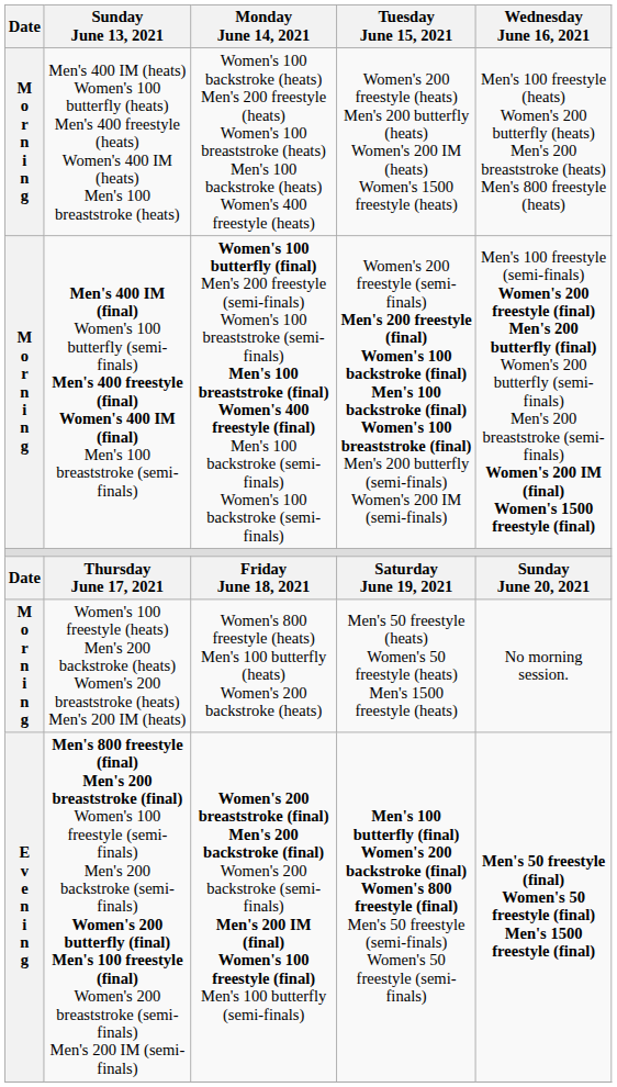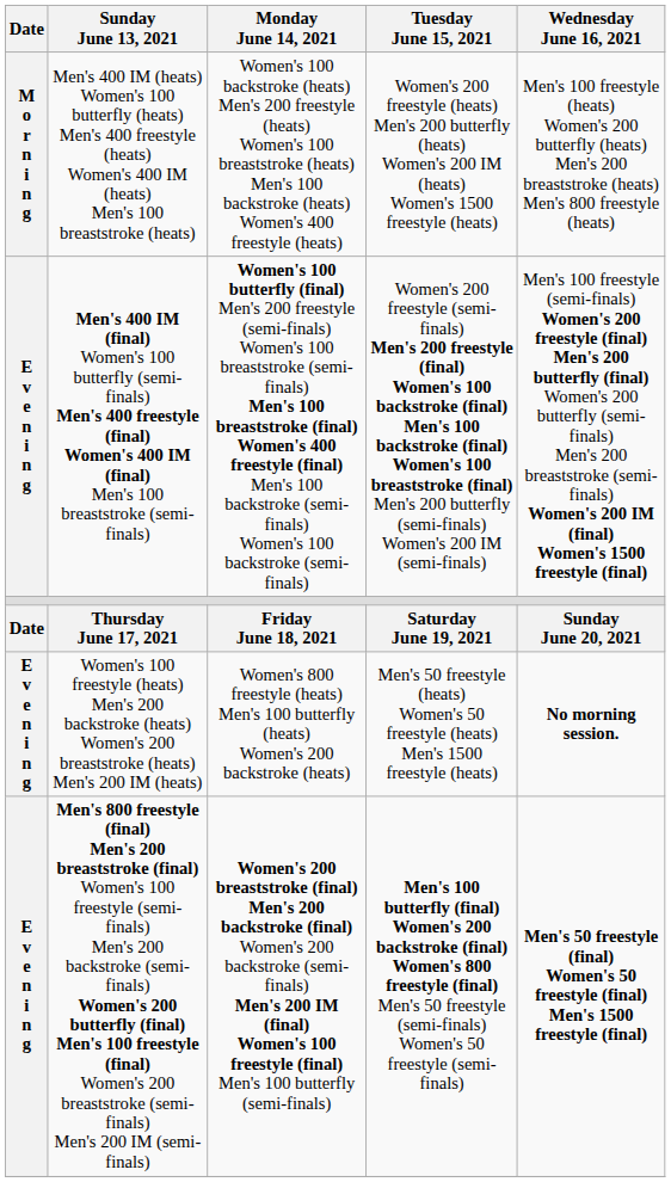 <table class=wikitable style="text-align:center">
 <tr bgcolor=#DDDDDD>
 <th>Date</th>
 <th>Sunday<br> June 13, 2021</th>
 <th>Monday <br> June 14, 2021</th>
 <th>Tuesday <br> June 15, 2021</th>
 <th>Wednesday <br> June 16, 2021</th>
 </tr>
 <tr>
 <th><strong>M<br> o<br> r<br> n<br> i<br> n<br> g</strong></th>
 <td>Men's 400 IM (heats)<br>Women's 100 butterfly (heats)<br>Men's 400 freestyle (heats)<br>Women's 400 IM (heats)<br>Men's 100 breaststroke (heats)</td>
 <td>Women's 100 backstroke (heats)<br>Men's 200 freestyle (heats)<br>Women's 100 breaststroke (heats)<br>Men's 100 backstroke (heats)<br>Women's 400 freestyle (heats)</td>
 <td>Women's 200 freestyle (heats)<br>Men's 200 butterfly (heats)<br>Women's 200 IM (heats)<br>Women's 1500 freestyle (heats)</td>
 <td>Men's 100 freestyle (heats)<br>Women's 200 butterfly (heats)<br>Men's 200 breaststroke (heats)<br>Men's 800 freestyle (heats)</td>
 </tr>
 <tr>
-<th><strong>M<br> o<br> r<br> n<br> i<br> n<br> g</strong></th>
+<th><strong>E<br> v<br> e<br> n<br> i<br> n<br> g</strong></th>
 <td><strong>Men's 400 IM (final)</strong><br>Women's 100 butterfly (semi-finals)<br><strong>Men's 400 freestyle (final)</strong><br><strong>Women's 400 IM (final)</strong><br>Men's 100 breaststroke (semi-finals)</td>
 <td><strong>Women's 100 butterfly (final)</strong><br>Men's 200 freestyle (semi-finals)<br>Women's 100 breaststroke (semi-finals)<br><strong>Men's 100 breaststroke (final)</strong><br><strong>Women's 400 freestyle (final)</strong><br>Men's 100 backstroke (semi-finals)<br>Women's 100 backstroke (semi-finals)</td>
 <td>Women's 200 freestyle (semi-finals)<br><strong>Men's 200 freestyle (final)</strong><br><strong>Women's 100 backstroke (final)</strong><br><strong>Men's 100 backstroke (final)</strong><br><strong>Women's 100 breaststroke (final)</strong><br>Men's 200 butterfly (semi-finals)<br>Women's 200 IM (semi-finals)</td>
 <td>Men's 100 freestyle (semi-finals)<br><strong>Women's 200 freestyle (final)</strong><br><strong>Men's 200 butterfly (final)</strong><br>Women's 200 butterfly (semi-finals)<br>Men's 200 breaststroke (semi-finals)<br><strong>Women's 200 IM (final)</strong><br><strong>Women's 1500 freestyle (final)</strong></td>
 </tr>
 <tr>
 <td bgcolor=#DDDDDD colspan=7></td>
 </tr>
 <tr bgcolor=#DDDDDD>
 <th>Date</th>
 <th>Thursday<br> June 17, 2021</th>
 <th>Friday <br> June 18, 2021</th>
 <th>Saturday <br> June 19, 2021</th>
 <th>Sunday <br> June 20, 2021</th>
 </tr>
 <tr>
-<th><strong>M<br> o<br> r<br> n<br> i<br> n<br> g</strong></th>
+<th><strong>E<br> v<br> e<br> n<br> i<br> n<br> g</strong></th>
 <td>Women's 100 freestyle (heats)<br>Men's 200 backstroke (heats)<br>Women's 200 breaststroke (heats)<br>Men's 200 IM (heats)</td>
 <td>Women's 800 freestyle (heats)<br>Men's 100 butterfly (heats)<br>Women's 200 backstroke (heats)</td>
 <td>Men's 50 freestyle (heats)<br>Women's 50 freestyle (heats)<br>Men's 1500 freestyle (heats)</td>
-<td>No morning session.</td>
+<td><strong>No morning session.</strong></td>
 </tr>
 <tr>
 <th><strong>E<br> v<br> e<br> n<br> i<br> n<br> g</strong></th>
 <td><strong>Men's 800 freestyle (final)</strong><br><strong>Men's 200 breaststroke (final)</strong><br>Women's 100 freestyle (semi-finals)<br>Men's 200 backstroke (semi-finals)<br><strong>Women's 200 butterfly (final)</strong><br><strong>Men's 100 freestyle (final)</strong><br>Women's 200 breaststroke (semi-finals)<br>Men's 200 IM (semi-finals)</td>
 <td><strong>Women's 200 breaststroke (final)</strong><br><strong>Men's 200 backstroke (final)</strong><br>Women's 200 backstroke (semi-finals)<br><strong>Men's 200 IM (final)</strong><br><strong>Women's 100 freestyle (final)</strong><br>Men's 100 butterfly (semi-finals)<br></td>
 <td><strong>Men's 100 butterfly (final)</strong><br><strong>Women's 200 backstroke (final)</strong><br><strong>Women's 800 freestyle (final)</strong><br>Men's 50 freestyle (semi-finals)<br>Women's 50 freestyle (semi-finals)</td>
 <td><strong>Men's 50 freestyle (final)</strong><br><strong>Women's 50 freestyle (final)</strong><br><strong>Men's 1500 freestyle (final)</strong></td>
 </tr>
 <tr>
 </tr>
 </table>
